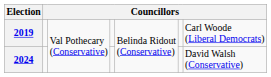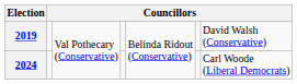 <table class="wikitable">
 <tr>
 <th>Election</th>
 <th colspan="6">Councillors</th>
 </tr>
 <tr>
 <th><a href='#'>2019</a></th>
 <td style="background-color: "></td>
 <td rowspan="2">Val Pothecary<br>(<a href='#'>Conservative</a>)</td>
 <td style="background-color: "></td>
 <td rowspan="2">Belinda Ridout<br>(<a href='#'>Conservative</a>)</td>
 <td style="background-color: "></td>
-<td>Carl Woode<br>(<a href='#'>Liberal Democrats</a>)</td>
+<td>David Walsh<br>(<a href='#'>Conservative</a>)</td>
 </tr>
 <tr>
 <th><a href='#'>2024</a></th>
 <td style="background-color: "></td>
 <td style="background-color: "></td>
 <td style="background-color: "></td>
-<td>David Walsh<br>(<a href='#'>Conservative</a>)</td>
+<td>Carl Woode<br>(<a href='#'>Liberal Democrats</a>)</td>
 </tr>
 </table>
